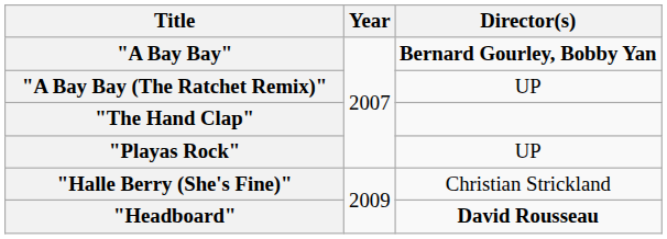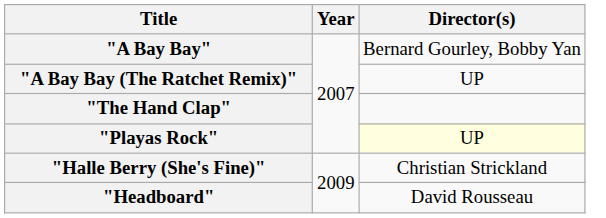 <table class="wikitable plainrowheaders" style="text-align:center;">
 <tr>
 <th scope="col" style="width:16em;">Title</th>
 <th scope="col">Year</th>
 <th scope="col">Director(s)</th>
 </tr>
 <tr>
 <th scope="row">"A Bay Bay"</th>
 <td rowspan="4">2007</td>
-<td><strong>Bernard Gourley, Bobby Yan</strong></td>
+<td>Bernard Gourley, Bobby Yan</td>
 </tr>
 <tr>
 <th scope="row">"A Bay Bay (The Ratchet Remix)"</th>
 <td>UP</td>
 </tr>
 <tr>
 <th scope="row">"The Hand Clap" </th>
 <td></td>
 </tr>
 <tr>
 <th scope="row">"Playas Rock"</th>
-<td>UP</td>
+<td style="background: lightyellow;">UP</td>
 </tr>
 <tr>
 <th scope="row">"Halle Berry (She's Fine)"</th>
 <td rowspan="2">2009</td>
 <td>Christian Strickland</td>
 </tr>
 <tr>
 <th scope="row">"Headboard"</th>
-<td><strong>David Rousseau</strong></td>
+<td>David Rousseau</td>
 </tr>
 </table>
